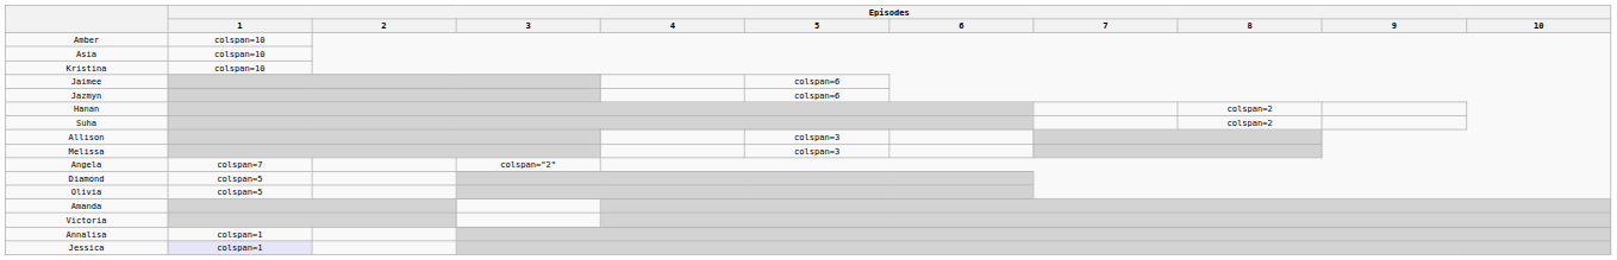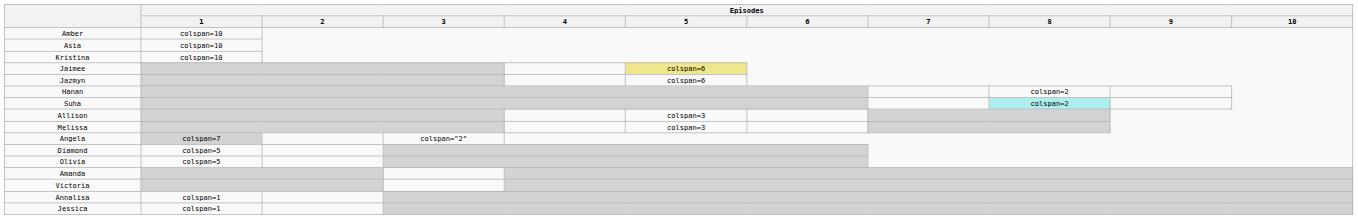 <table class="wikitable plainrowheaders" style="text-align:center; font-size:80%; width:100%">
 <tr>
 <th scope="col" rowspan="2" style="width:9%;"></th>
 <th scope="col" colspan="10">Episodes</th>
 </tr>
 <tr>
 <th scope="col" style="width:8%;">1</th>
 <th scope="col" style="width:8%;">2</th>
 <th scope="col" style="width:8%;">3</th>
 <th scope="col" style="width:8%;">4</th>
 <th scope="col" style="width:8%;">5</th>
 <th scope="col" style="width:8%;">6</th>
 <th scope="col" style="width:8%;">7</th>
 <th scope="col" style="width:8%;">8</th>
 <th scope="col" style="width:8%;">9</th>
 <th scope="col" style="width:8%;">10</th>
 </tr>
 <tr>
 <td scope="row">Amber</td>
 <td>colspan=10 </td>
 </tr>
 <tr>
 <td scope="row">Asia</td>
 <td>colspan=10 </td>
 </tr>
 <tr>
 <td scope="row">Kristina</td>
 <td>colspan=10 </td>
 </tr>
 <tr>
 <td scope="row">Jaimee</td>
 <td colspan="3" style="background:lightgray;"></td>
 <td></td>
-<td>colspan=6 </td>
+<td style="background: khaki;">colspan=6 </td>
 </tr>
 <tr>
 <td scope="row">Jazmyn</td>
 <td colspan="3" style="background:lightgray;"></td>
 <td></td>
 <td>colspan=6 </td>
 </tr>
 <tr>
 <td scope="row">Hanan</td>
 <td colspan="6" style="background:lightgray;"></td>
 <td></td>
 <td>colspan=2 </td>
 <td></td>
 </tr>
 <tr>
 <td scope="row">Suha</td>
 <td colspan="6" style="background:lightgray;"></td>
 <td></td>
-<td>colspan=2 </td>
+<td style="background: paleturquoise;">colspan=2 </td>
 <td></td>
 </tr>
 <tr>
 <td scope="row">Allison</td>
 <td colspan="3" style="background:lightgray;"></td>
 <td></td>
 <td>colspan=3 </td>
 <td></td>
 <td colspan="2" style="background:lightgray;"></td>
 </tr>
 <tr>
 <td scope="row">Melissa</td>
 <td colspan="3" style="background:lightgray;"></td>
 <td></td>
 <td>colspan=3 </td>
 <td></td>
 <td colspan="2" style="background:lightgray;"></td>
 </tr>
 <tr>
 <td scope="row">Angela</td>
-<td>colspan=7 </td>
+<td style="background: lightgrey;">colspan=7 </td>
 <td></td>
 <td>colspan="2" </td>
 </tr>
 <tr>
 <td scope="row">Diamond</td>
 <td>colspan=5 </td>
 <td></td>
 <td colspan="4" style="background:lightgray;"></td>
 </tr>
 <tr>
 <td scope="row">Olivia</td>
 <td>colspan=5 </td>
 <td></td>
 <td colspan="4" style="background:lightgray;"></td>
 </tr>
 <tr>
 <td scope="row">Amanda</td>
 <td colspan="2" style="background:lightgray;"></td>
 <td></td>
 <td colspan="7" style="background:lightgray;"></td>
 </tr>
 <tr>
 <td scope="row">Victoria</td>
 <td colspan="2" style="background:lightgray;"></td>
 <td></td>
 <td colspan="7" style="background:lightgray;"></td>
 </tr>
 <tr>
 <td scope="row">Annalisa</td>
 <td>colspan=1 </td>
 <td></td>
 <td colspan="8" style="background:lightgray;"></td>
 </tr>
 <tr>
 <td scope="row">Jessica</td>
-<td style="background: lavender;">colspan=1 </td>
+<td>colspan=1 </td>
 <td></td>
 <td colspan="8" style="background:lightgray;"></td>
 </tr>
 </table>
